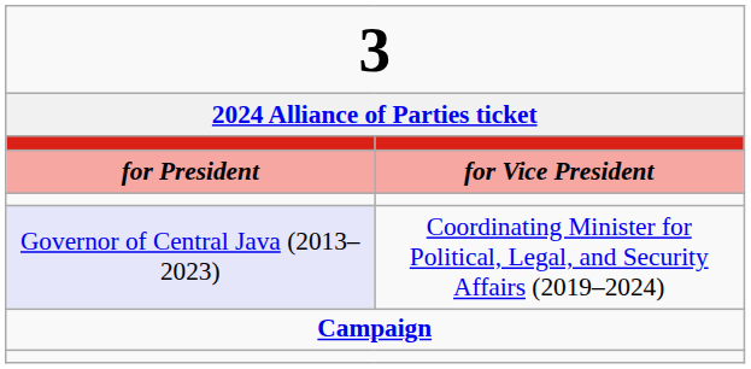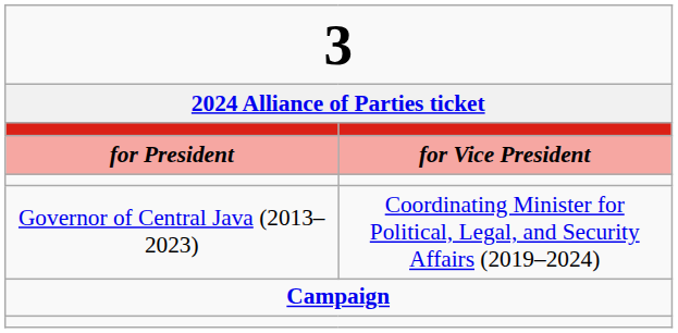 <table class="wikitable" style="font-size:90%; text-align:center;">
 <tr>
 <td colspan=2><big><big><big><big><big><strong>3</strong></big></big></big></big></big></td>
 </tr>
 <tr>
 <td colspan=2 style="background:#f1f1f1;"><strong><a href='#'>2024 Alliance of Parties ticket</a></strong></td>
 </tr>
 <tr>
 <th style="font-size:135%; background:#DB2016;"><a href='#'></a></th>
 <th style="font-size:135%; background:#DB2016;"><a href='#'></a></th>
 </tr>
 <tr style="color:#000; font-size:100%; background:#F6A7A2;">
 <td style="width:3em; width:200px;"><strong><em>for President</em></strong></td>
 <td style="width:3em; width:200px;"><strong><em>for Vice President</em></strong></td>
 </tr>
 <tr>
 <td></td>
 <td></td>
 </tr>
 <tr>
-<td style="background: lavender;"><a href='#'>Governor of Central Java</a> (2013–2023)</td>
+<td><a href='#'>Governor of Central Java</a> (2013–2023)</td>
 <td><a href='#'>Coordinating Minister for Political, Legal, and Security Affairs</a> (2019–2024)</td>
 </tr>
 <tr>
 <td colspan=2><strong><a href='#'>Campaign</a></strong></td>
 </tr>
 <tr>
 <td colspan=2></td>
 </tr>
 </table>
